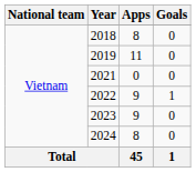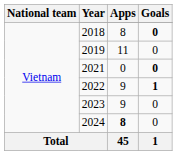 <table class=wikitable style=text-align:center>
 <tr>
 <th>National team</th>
 <th>Year</th>
 <th>Apps</th>
 <th>Goals</th>
 </tr>
 <tr>
 <td rowspan=7><a href='#'>Vietnam</a></td>
 </tr>
 <tr>
 <td>2018</td>
 <td>8</td>
-<td>0</td>
+<td><strong>0</strong></td>
 </tr>
 <tr>
 <td>2019</td>
 <td>11</td>
 <td>0</td>
 </tr>
 <tr>
 <td>2021</td>
 <td>0</td>
-<td>0</td>
+<td><strong>0</strong></td>
 </tr>
 <tr>
 <td>2022</td>
 <td>9</td>
-<td>1</td>
+<td><strong>1</strong></td>
 </tr>
 <tr>
 <td>2023</td>
 <td>9</td>
 <td>0</td>
 </tr>
 <tr>
 <td>2024</td>
-<td>8</td>
+<td><strong>8</strong></td>
 <td>0</td>
 </tr>
 <tr>
 <th colspan=2>Total</th>
 <th>45</th>
 <th>1</th>
 </tr>
 </table>
